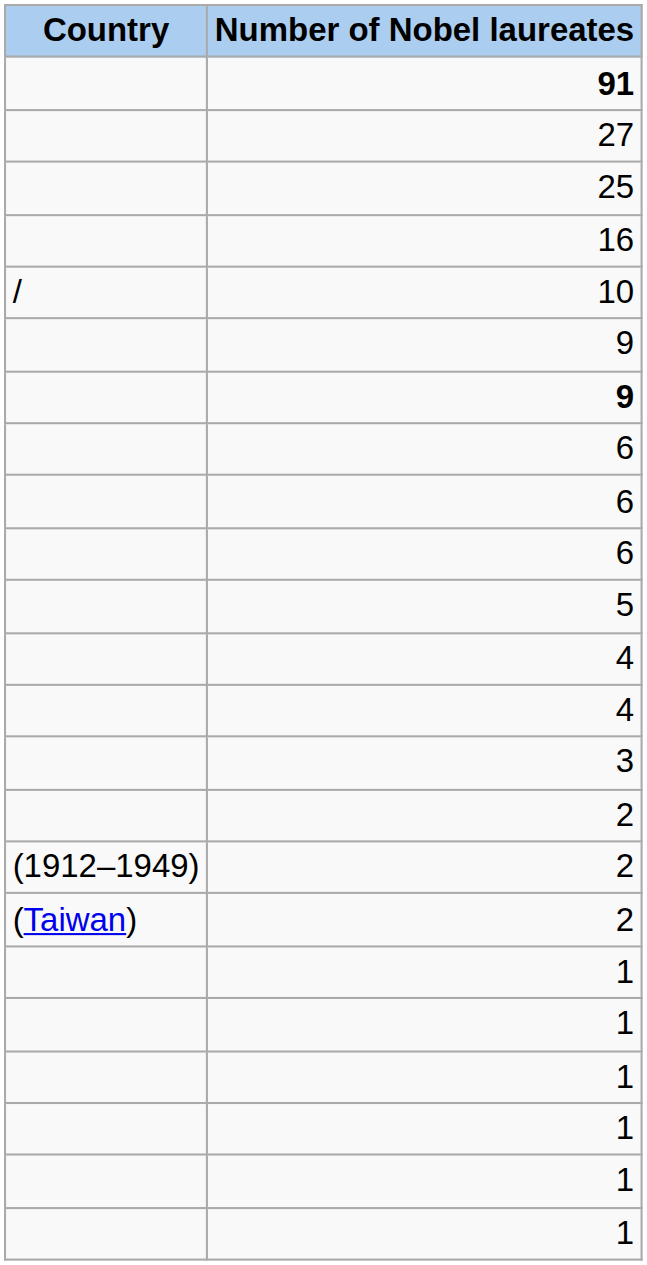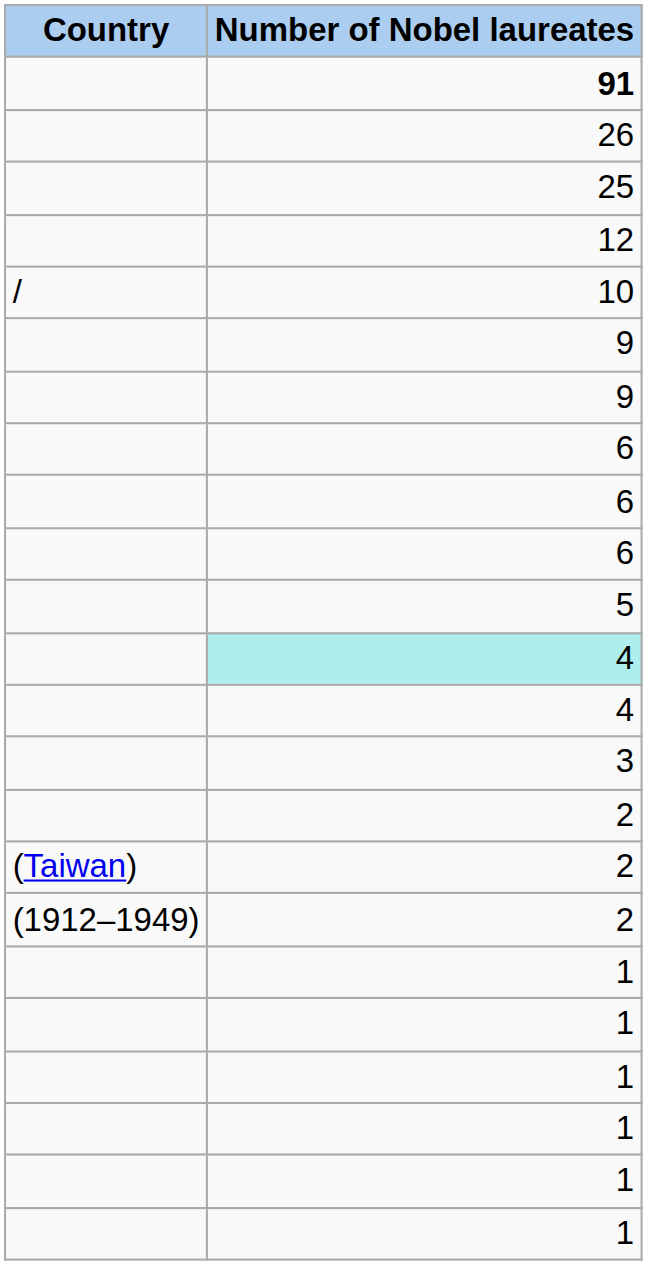 <table class="wikitable sortable" style="text-align:right;">
 <tr>
 <th align="center" style="background-color:#ABCDEF">Country</th>
 <th align="center" style="background-color:#ABCDEF">Number of Nobel laureates</th>
 </tr>
 <tr>
 <td align="left"></td>
 <td><strong>91</strong></td>
 </tr>
 <tr>
 <td align="left"></td>
-<td>27</td>
+<td>26</td>
 </tr>
 <tr>
 <td align="left"></td>
 <td>25</td>
 </tr>
 <tr>
 <td align="left"></td>
-<td>16</td>
+<td>12</td>
 </tr>
 <tr>
 <td align="left">/</td>
 <td>10</td>
 </tr>
 <tr>
 <td align="left"></td>
 <td>9</td>
 </tr>
 <tr>
 <td align="left"></td>
-<td><strong>9</strong></td>
+<td>9</td>
 </tr>
 <tr>
 <td align="left"></td>
 <td>6</td>
 </tr>
 <tr>
 <td align="left"></td>
 <td>6</td>
 </tr>
 <tr Li>
 <td align="left"></td>
 <td>6</td>
 </tr>
 <tr>
 <td align="left"></td>
 <td>5</td>
 </tr>
 <tr>
 <td align="left"></td>
-<td>4</td>
+<td style="background: paleturquoise;">4</td>
 </tr>
 <tr>
 <td align="left"></td>
 <td>4</td>
 </tr>
 <tr>
 <td align="left"></td>
 <td>3</td>
 </tr>
 <tr>
 <td align="left"></td>
 <td>2</td>
 </tr>
 <tr>
-<td align="left"> (1912–1949)</td>
+<td align="left"> (<a href='#'>Taiwan</a>)</td>
 <td>2</td>
 </tr>
 <tr>
-<td align="left"> (<a href='#'>Taiwan</a>)</td>
+<td align="left"> (1912–1949)</td>
 <td>2</td>
 </tr>
 <tr>
 <td align="left"></td>
 <td>1</td>
 </tr>
 <tr>
 <td align="left"></td>
 <td>1</td>
 </tr>
 <tr>
 <td align="left"></td>
 <td>1</td>
 </tr>
 <tr>
 <td align="left"></td>
 <td>1</td>
 </tr>
 <tr>
 <td align="left"></td>
 <td>1</td>
 </tr>
 <tr>
 <td align="left"></td>
 <td>1</td>
 </tr>
 </table>
